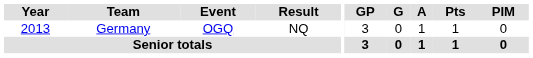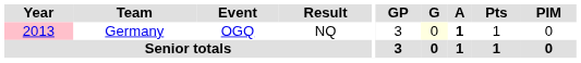 <table border="0" cellpadding="1" cellspacing="0" ID="Table3" style="text-align:center; width:40em">
 <tr ALIGN="center" bgcolor="#e0e0e0">
 <th>Year</th>
 <th>Team</th>
 <th>Event</th>
 <th>Result</th>
 <th rowspan="99" bgcolor="#ffffff"></th>
 <th>GP</th>
 <th>G</th>
 <th>A</th>
 <th>Pts</th>
 <th>PIM</th>
 </tr>
 <tr style="text-align:center;">
-<td><a href='#'>2013</a></td>
+<td style="background: pink;"><a href='#'>2013</a></td>
 <td><a href='#'>Germany</a></td>
 <td><a href='#'>OGQ</a></td>
 <td>NQ</td>
 <td>3</td>
-<td>0</td>
-<td>1</td>
+<td style="background: lightyellow;">0</td>
+<td><strong>1</strong></td>
 <td>1</td>
 <td>0</td>
 </tr>
 <tr style="text-align:center; background:#e0e0e0;">
 <th colspan="4">Senior totals</th>
 <th style="text-align:center;">3</th>
 <th style="text-align:center;">0</th>
 <th style="text-align:center;">1</th>
 <th style="text-align:center;">1</th>
 <th style="text-align:center;">0</th>
 </tr>
 </table>
